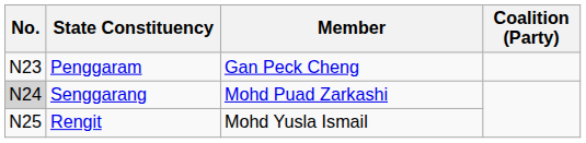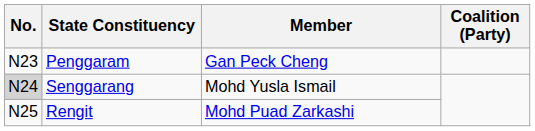 <table class="wikitable sortable">
 <tr>
 <th width="30">No.</th>
 <th width="150">State Constituency</th>
 <th width="230">Member</th>
 <th width="80">Coalition (Party)</th>
 </tr>
 <tr>
 <td>N23</td>
 <td><a href='#'>Penggaram</a></td>
 <td><a href='#'>Gan Peck Cheng</a></td>
 <td></td>
 </tr>
 <tr>
 <td style="background: lightgrey;">N24</td>
 <td><a href='#'>Senggarang</a></td>
-<td><a href='#'>Mohd Puad Zarkashi</a></td>
+<td>Mohd Yusla Ismail</td>
 <td rowspan=2></td>
 </tr>
 <tr>
 <td>N25</td>
 <td><a href='#'>Rengit</a></td>
-<td>Mohd Yusla Ismail</td>
+<td><a href='#'>Mohd Puad Zarkashi</a></td>
 </tr>
 </table>
